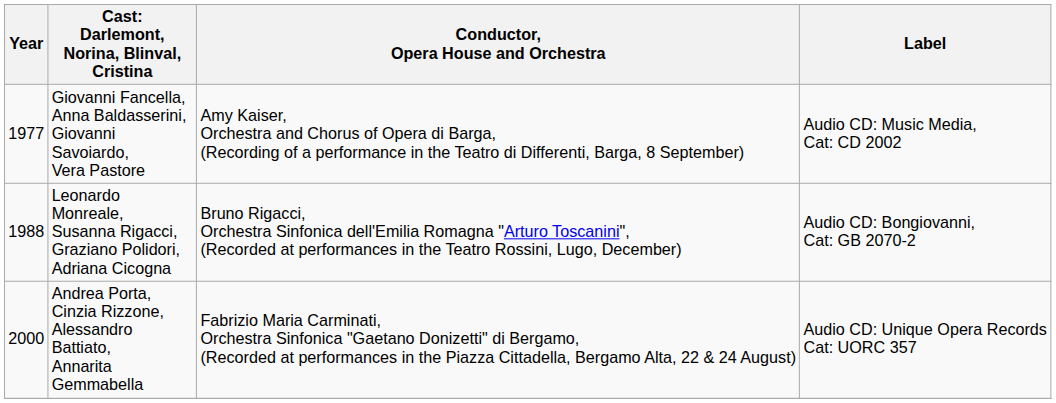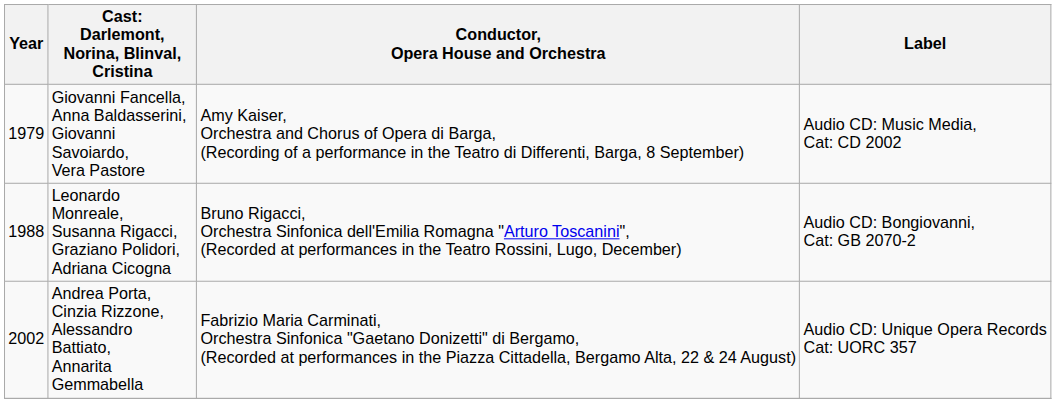 <table class="wikitable">
 <tr>
 <th>Year</th>
 <th width="140">Cast:<br>Darlemont, Norina, Blinval, Cristina</th>
 <th>Conductor,<br>Opera House and Orchestra</th>
 <th>Label</th>
 </tr>
 <tr>
-<td>1977</td>
+<td>1979</td>
 <td>Giovanni Fancella,<br>Anna Baldasserini,<br>Giovanni Savoiardo,<br>Vera Pastore</td>
 <td>Amy Kaiser,<br>Orchestra and Chorus of Opera di Barga,<br>(Recording of a performance in the Teatro di Differenti, Barga, 8 September)</td>
 <td>Audio CD: Music Media,<br>Cat: CD 2002</td>
 </tr>
 <tr>
 <td>1988</td>
 <td>Leonardo Monreale,<br>Susanna Rigacci,<br>Graziano Polidori,<br>Adriana Cicogna</td>
 <td>Bruno Rigacci,<br>Orchestra Sinfonica dell'Emilia Romagna "<a href='#'>Arturo Toscanini</a>",<br>(Recorded at performances in the Teatro Rossini, Lugo, December)</td>
 <td>Audio CD: Bongiovanni,<br>Cat: GB 2070-2</td>
 </tr>
 <tr>
-<td>2000</td>
+<td>2002</td>
 <td>Andrea Porta,<br>Cinzia Rizzone,<br>Alessandro Battiato,<br>Annarita Gemmabella</td>
 <td>Fabrizio Maria Carminati,<br>Orchestra Sinfonica "Gaetano Donizetti" di Bergamo,<br>(Recorded at performances in the Piazza Cittadella, Bergamo Alta, 22 & 24 August)</td>
 <td>Audio CD: Unique Opera Records<br>Cat: UORC 357</td>
 </tr>
 <tr>
 </tr>
 </table>
